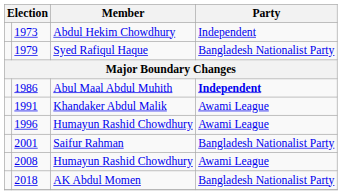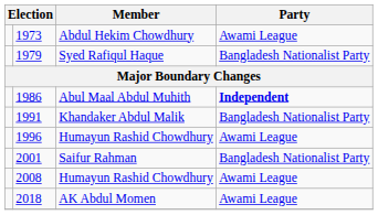 <table class="wikitable">
 <tr>
 <th colspan="2">Election</th>
 <th>Member</th>
 <th>Party</th>
 </tr>
 <tr>
 <td style="background-color:"></td>
 <td><a href='#'>1973</a></td>
 <td><a href='#'>Abdul Hekim Chowdhury</a></td>
-<td><a href='#'>Independent</a></td>
+<td><a href='#'>Awami League</a></td>
 </tr>
 <tr>
 <td style="background-color:"></td>
 <td><a href='#'>1979</a></td>
 <td><a href='#'>Syed Rafiqul Haque</a></td>
 <td><a href='#'>Bangladesh Nationalist Party</a></td>
 </tr>
 <tr>
 <th colspan="4">Major Boundary Changes</th>
 </tr>
 <tr>
 <td style="background-color:"></td>
 <td><a href='#'>1986</a></td>
 <td><a href='#'>Abul Maal Abdul Muhith</a></td>
 <td><strong><a href='#'>Independent</a></strong></td>
 </tr>
 <tr>
 <td style="background-color:"></td>
 <td><a href='#'>1991</a></td>
 <td><a href='#'>Khandaker Abdul Malik</a></td>
-<td><a href='#'>Awami League</a></td>
+<td><a href='#'>Bangladesh Nationalist Party</a></td>
 </tr>
 <tr>
 <td style="background-color:"></td>
 <td><a href='#'>1996</a></td>
 <td><a href='#'>Humayun Rashid Chowdhury</a></td>
 <td><a href='#'>Awami League</a></td>
 </tr>
 <tr>
 <td style="background-color:"></td>
 <td><a href='#'>2001</a></td>
 <td><a href='#'>Saifur Rahman</a></td>
 <td><a href='#'>Bangladesh Nationalist Party</a></td>
 </tr>
 <tr>
 <td style="background-color:"></td>
 <td><a href='#'>2008</a></td>
 <td><a href='#'>Humayun Rashid Chowdhury</a></td>
 <td><a href='#'>Awami League</a></td>
 </tr>
 <tr>
 <td style="background-color:"></td>
 <td><a href='#'>2018</a></td>
 <td><a href='#'>AK Abdul Momen</a></td>
-<td><a href='#'>Bangladesh Nationalist Party</a></td>
+<td><a href='#'>Awami League</a></td>
 </tr>
 <tr>
 </tr>
 </table>
